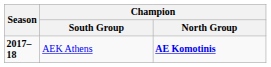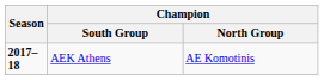 <table class="wikitable">
 <tr>
 <th width="50"  rowspan="2">Season</th>
 <th width="175" colspan="2">Champion</th>
 </tr>
 <tr>
 <th width="175">South Group</th>
 <th width="175">North Group</th>
 </tr>
 <tr>
 <td><strong>2017–18</strong></td>
 <td><a href='#'>AEK Athens</a></td>
-<td><strong><a href='#'>AE Komotinis</a></strong></td>
+<td><a href='#'>AE Komotinis</a></td>
 </tr>
 </table>
